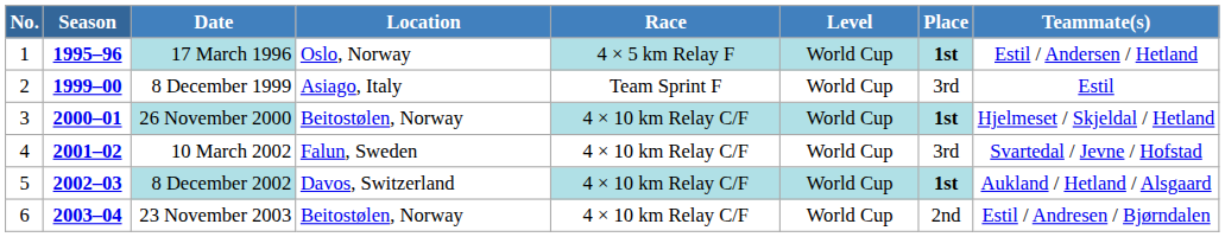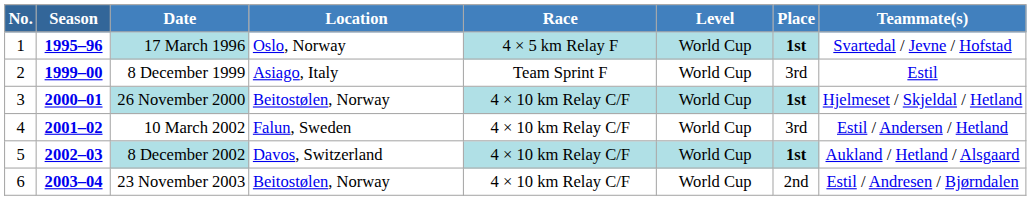 <table class="wikitable sortable" style="font-size:95%; text-align:center; border:grey solid 1px; border-collapse:collapse; background:#ffffff;">
 <tr style="background:#efefef;">
 <th style="background-color:#369; color:white;">No.</th>
 <th style="background-color:#369; color:white;">Season</th>
 <th style="background-color:#4180be; color:white; width:120px;">Date</th>
 <th style="background-color:#4180be; color:white; width:190px;">Location</th>
 <th style="background-color:#4180be; color:white; width:170px;">Race</th>
 <th style="background-color:#4180be; color:white; width:100px;">Level</th>
 <th style="background-color:#4180be; color:white;">Place</th>
 <th style="background-color:#4180be; color:white;">Teammate(s)</th>
 </tr>
 <tr>
 <td align=center>1</td>
 <td rowspan=1 align=center><strong><a href='#'>1995–96</a></strong></td>
 <td bgcolor="#BOEOE6" align=right>17 March 1996</td>
 <td align=left> <a href='#'>Oslo</a>, Norway</td>
 <td bgcolor="#BOEOE6">4 × 5 km Relay F</td>
 <td bgcolor="#BOEOE6">World Cup</td>
 <td bgcolor="#BOEOE6"><strong>1st</strong></td>
-<td><a href='#'>Estil</a> / <a href='#'>Andersen</a> / <a href='#'>Hetland</a></td>
+<td><a href='#'>Svartedal</a> / <a href='#'>Jevne</a> / <a href='#'>Hofstad</a></td>
 </tr>
 <tr>
 <td align=center>2</td>
 <td rowspan=1 align=center><strong> <a href='#'>1999–00</a> </strong></td>
 <td align=right>8 December 1999</td>
 <td align=left> <a href='#'>Asiago</a>, Italy</td>
 <td>Team Sprint F</td>
 <td>World Cup</td>
 <td>3rd</td>
 <td><a href='#'>Estil</a></td>
 </tr>
 <tr>
 <td align=center>3</td>
 <td rowspan=1 align=center><strong><a href='#'>2000–01</a></strong></td>
 <td bgcolor="#BOEOE6" align=right>26 November 2000</td>
 <td align=left> <a href='#'>Beitostølen</a>, Norway</td>
 <td bgcolor="#BOEOE6">4 × 10 km Relay C/F</td>
 <td bgcolor="#BOEOE6">World Cup</td>
 <td bgcolor="#BOEOE6"><strong>1st</strong></td>
 <td><a href='#'>Hjelmeset</a> / <a href='#'>Skjeldal</a> / <a href='#'>Hetland</a></td>
 </tr>
 <tr>
 <td align=center>4</td>
 <td rowspan=1 align=center><strong> <a href='#'>2001–02</a> </strong></td>
 <td align=right>10 March 2002</td>
 <td align=left> <a href='#'>Falun</a>, Sweden</td>
 <td>4 × 10 km Relay C/F</td>
 <td>World Cup</td>
 <td>3rd</td>
-<td><a href='#'>Svartedal</a> / <a href='#'>Jevne</a> / <a href='#'>Hofstad</a></td>
+<td><a href='#'>Estil</a> / <a href='#'>Andersen</a> / <a href='#'>Hetland</a></td>
 </tr>
 <tr>
 <td align=center>5</td>
 <td rowspan=1 align=center><strong><a href='#'>2002–03</a></strong></td>
 <td bgcolor="#BOEOE6" align=right>8 December 2002</td>
 <td align=left> <a href='#'>Davos</a>, Switzerland</td>
 <td bgcolor="#BOEOE6">4 × 10 km Relay C/F</td>
 <td bgcolor="#BOEOE6">World Cup</td>
 <td bgcolor="#BOEOE6"><strong>1st</strong></td>
 <td><a href='#'>Aukland</a> / <a href='#'>Hetland</a> / <a href='#'>Alsgaard</a></td>
 </tr>
 <tr>
 <td align=center>6</td>
 <td rowspan=1 align=center><strong> <a href='#'>2003–04</a> </strong></td>
 <td align=right>23 November 2003</td>
 <td align=left> <a href='#'>Beitostølen</a>, Norway</td>
 <td>4 × 10 km Relay C/F</td>
 <td>World Cup</td>
 <td>2nd</td>
 <td><a href='#'>Estil</a> / <a href='#'>Andresen</a> / <a href='#'>Bjørndalen</a></td>
 </tr>
 </table>
